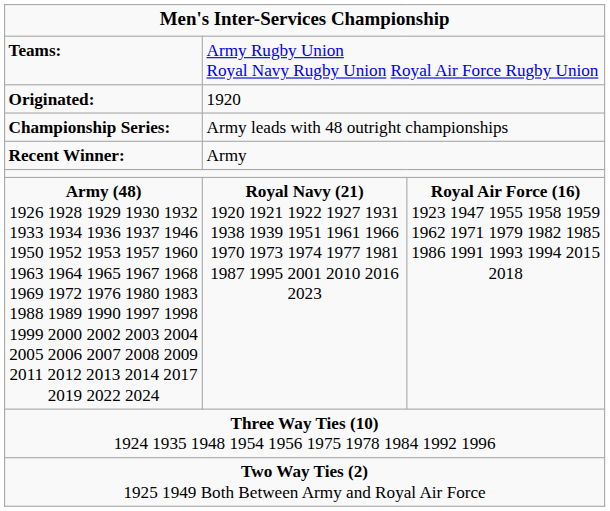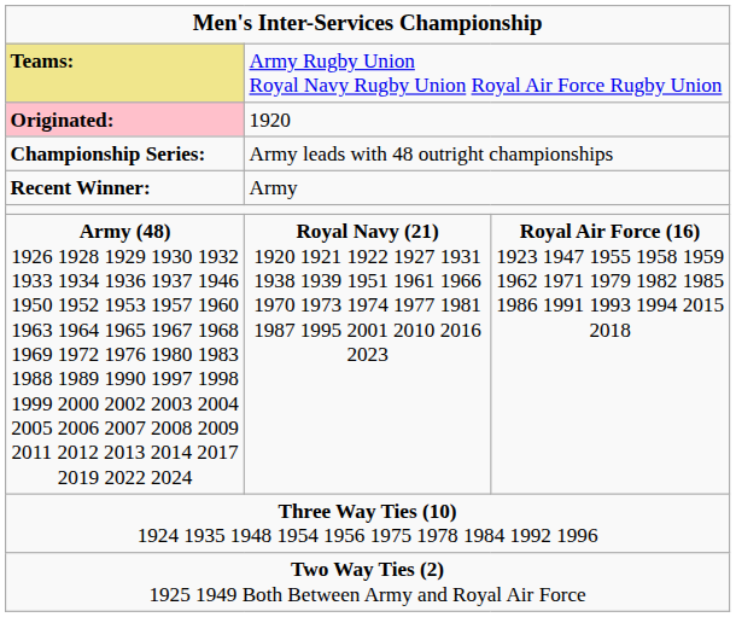 <table class="wikitable" align="center" style="width: 35em; font-size: 95%;">
 <tr>
 <td colspan="3" style="text-align: center; font-size: 110%;"><strong>Men's Inter-Services Championship</strong></td>
 </tr>
 <tr>
-<td valign="top"><strong>Teams:</strong></td>
+<td valign="top" style="background: khaki;"><strong>Teams:</strong></td>
 <td colspan="2"><a href='#'>Army Rugby Union</a><br><a href='#'>Royal Navy Rugby Union</a> <a href='#'>Royal Air Force Rugby Union</a></td>
 </tr>
 <tr>
-<td><strong>Originated:</strong></td>
+<td style="background: pink;"><strong>Originated:</strong></td>
 <td colspan="2">1920</td>
 </tr>
 <tr>
 <td valign="top"><strong>Championship Series:</strong></td>
 <td colspan="2">Army leads with 48 outright championships</td>
 </tr>
 <tr>
 <td><strong>Recent Winner:</strong></td>
 <td colspan="2">Army</td>
 </tr>
 <tr>
 <td colspan="3" style="border-bottom: 1px solid #aaa;"></td>
 </tr>
 <tr>
 <td width="33%" align="center" valign="top"><strong>Army (48)</strong><br>1926 1928 1929 1930 1932 1933 1934 1936 1937 1946 1950 1952 1953 1957 1960 1963 1964 1965 1967 1968 1969 1972 1976 1980 1983 1988 1989 1990 1997 1998 1999 2000 2002 2003 2004 2005 2006 2007 2008 2009 2011 2012 2013 2014 2017 2019 2022 2024</td>
 <td width="34%" align="center" valign="top"><strong>Royal Navy (21)</strong><br>1920 1921 1922 1927 1931 1938 1939 1951 1961 1966 1970 1973  1974 1977 1981 1987 1995 2001  2010 2016 2023</td>
 <td width="33%" align="center" valign="top"><strong>Royal Air Force (16)</strong><br>1923 1947 1955 1958 1959 1962 1971 1979 1982 1985 1986 1991 1993 1994 2015 2018</td>
 </tr>
 <tr>
 <td colspan="3" style="text-align: center; border-top: 1px solid #aaa;"><strong>Three Way Ties (10)</strong><br>1924 1935 1948 1954 1956 1975 1978 1984 1992 1996</td>
 </tr>
 <tr>
 <td colspan="3" style="text-align: center; border-top: 1px solid #aaa;"><strong>Two Way Ties (2)</strong><br>1925 1949 Both Between Army and Royal Air Force</td>
 </tr>
 </table>
